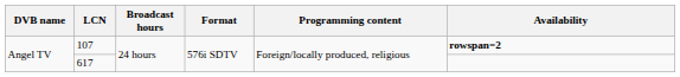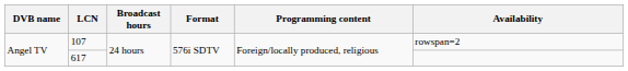 <table class="wikitable" style="font-size:90%; width:100%;">
 <tr>
 <th width="10%">DVB name</th>
 <th width="6%">LCN</th>
 <th width="10%">Broadcast hours</th>
 <th width="10%">Format</th>
 <th width="28%">Programming content</th>
 <th width="33%">Availability</th>
 </tr>
 <tr>
 <td rowspan=2>Angel TV</td>
 <td>107</td>
 <td rowspan=2>24 hours</td>
 <td rowspan=2>576i SDTV</td>
 <td rowspan=2>Foreign/locally produced, religious</td>
-<td><strong>rowspan=2 </strong></td>
+<td>rowspan=2 </td>
 </tr>
 <tr>
 <td>617</td>
 </tr>
 </table>
